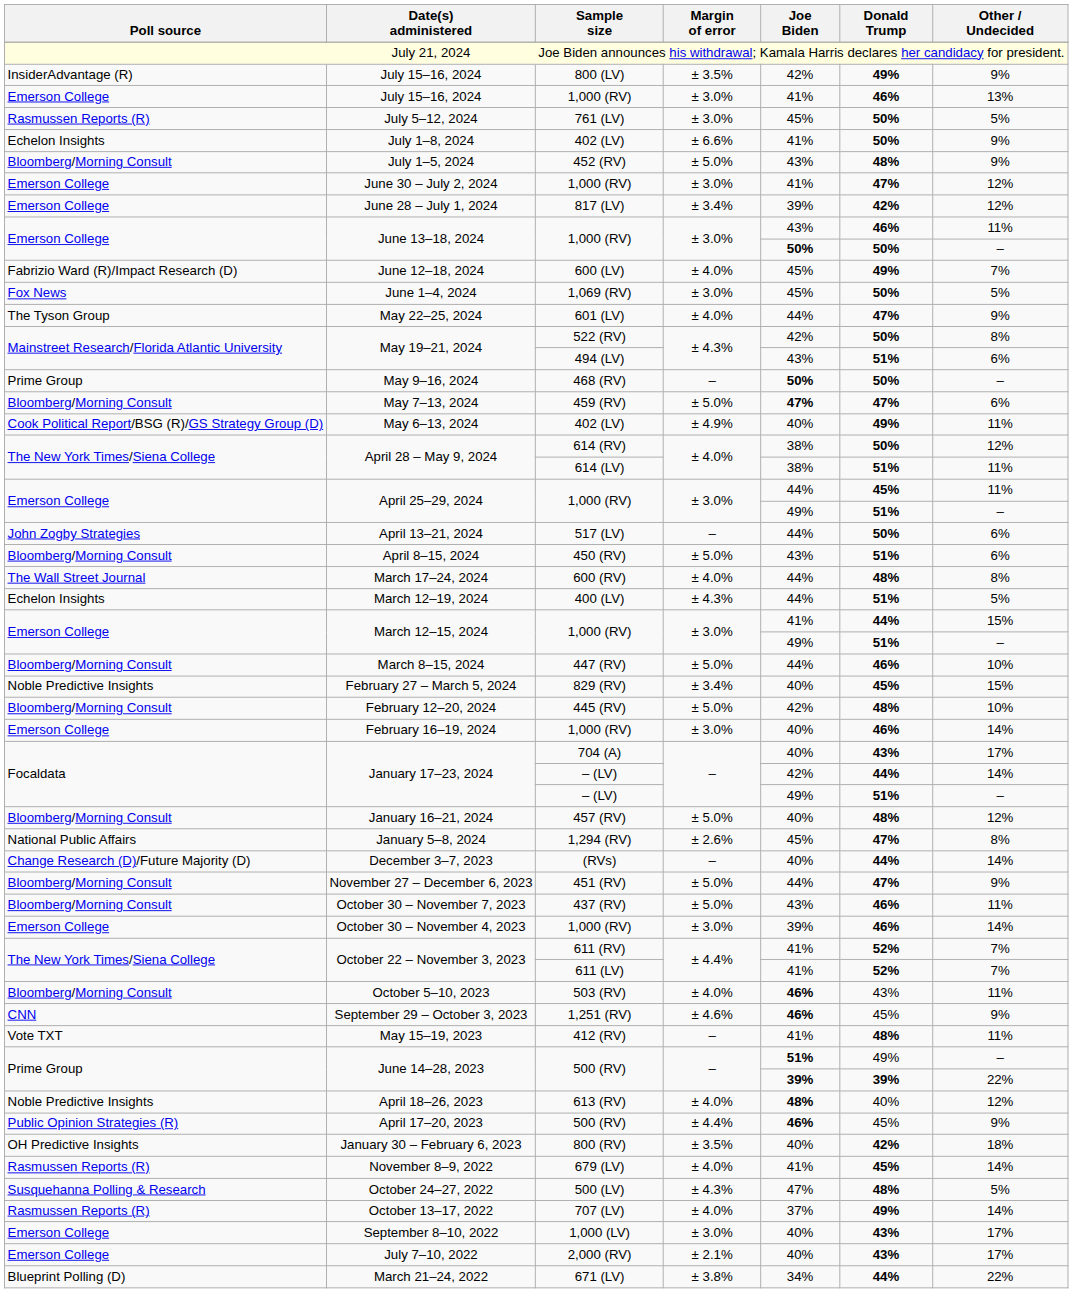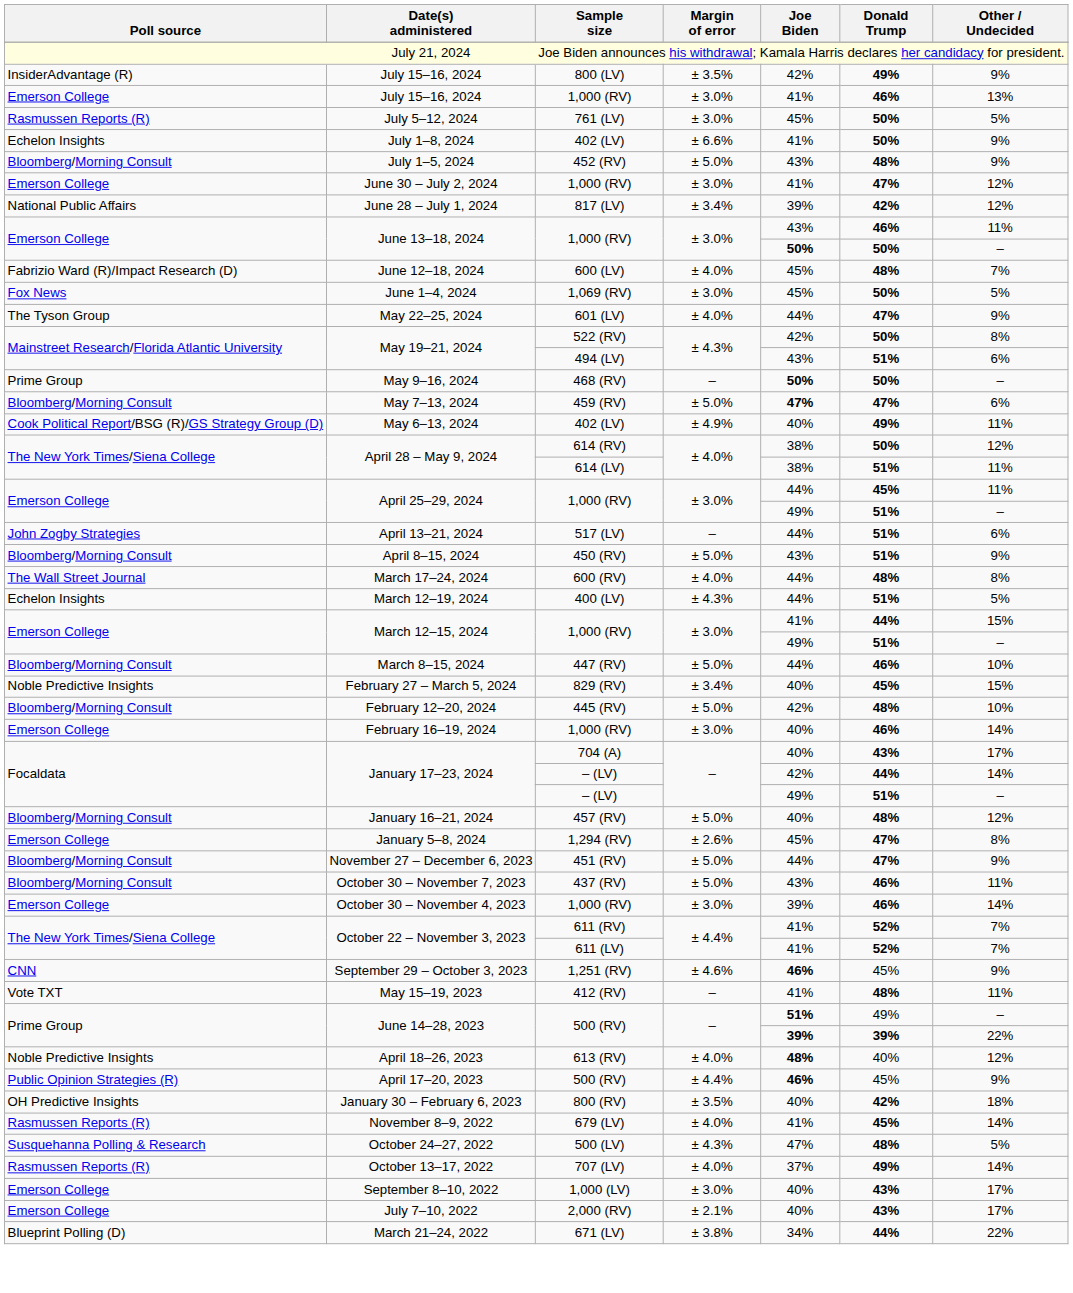 <table class="wikitable sortable mw-datatable" style="font-size:90%;text-align:center;line-height:17px">
 <tr valign=bottom>
 <th>Poll source</th>
 <th>Date(s)<br>administered</th>
 <th>Sample<br>size</th>
 <th>Margin<br>of error</th>
 <th class="unsortable">Joe<br>Biden<br></th>
 <th class="unsortable">Donald<br>Trump<br></th>
 <th class="unsortable">Other /<br>Undecided</th>
 </tr>
 <tr>
 </tr>
 <tr style="background:lightyellow;">
 <td style="border-right-style:hidden; background:lightyellow;"></td>
 <td style="border-right-style:hidden; " data-sort-value="2024-07-21">July 21, 2024</td>
 <td colspan="5">Joe Biden announces <a href='#'>his withdrawal</a>; Kamala Harris declares <a href='#'>her candidacy</a> for president.</td>
 </tr>
 <tr>
 <td style="text-align:left;">InsiderAdvantage (R)</td>
 <td data-sort-value="2024-07-18">July 15–16, 2024</td>
 <td>800 (LV)</td>
 <td>± 3.5%</td>
 <td>42%</td>
 <td style="background-color:"><strong>49%</strong></td>
 <td>9%</td>
 </tr>
 <tr>
 <td style="text-align:left;"><a href='#'>Emerson College</a></td>
 <td data-sort-value="2024-07-18">July 15–16, 2024</td>
 <td>1,000 (RV)</td>
 <td>± 3.0%</td>
 <td>41%</td>
 <td style="background-color:"><strong>46%</strong></td>
 <td>13%</td>
 </tr>
 <tr>
 <td style="text-align:left;"><a href='#'>Rasmussen Reports (R)</a></td>
 <td data-sort-value="2024-07-19">July 5–12, 2024</td>
 <td>761 (LV)</td>
 <td>± 3.0%</td>
 <td>45%</td>
 <td style="background-color:"><strong>50%</strong></td>
 <td>5%</td>
 </tr>
 <tr>
 <td style="text-align:left;">Echelon Insights</td>
 <td data-sort-value="2024-07-08">July 1–8, 2024</td>
 <td>402 (LV)</td>
 <td>± 6.6%</td>
 <td>41%</td>
 <td style="background-color:"><strong>50%</strong></td>
 <td>9%</td>
 </tr>
 <tr>
 <td style="text-align:left;"><a href='#'>Bloomberg</a>/<a href='#'>Morning Consult</a></td>
 <td data-sort-value="2024-07-06">July 1–5, 2024</td>
 <td>452 (RV)</td>
 <td>± 5.0%</td>
 <td>43%</td>
 <td style="background-color:"><strong>48%</strong></td>
 <td>9%</td>
 </tr>
 <tr>
 <td style="text-align:left;"><a href='#'>Emerson College</a></td>
 <td data-sort-value="2024-07-08">June 30 – July 2, 2024</td>
 <td>1,000 (RV)</td>
 <td>± 3.0%</td>
 <td>41%</td>
 <td style="background-color:"><strong>47%</strong></td>
 <td>12%</td>
 </tr>
 <tr>
-<td style="text-align:left;"><a href='#'>Emerson College</a></td>
+<td style="text-align:left;">National Public Affairs</td>
 <td data-sort-value="2024-07-03">June 28 – July 1, 2024</td>
 <td>817 (LV)</td>
 <td>± 3.4%</td>
 <td>39%</td>
 <td style="background-color:"><strong>42%</strong></td>
 <td>12%</td>
 </tr>
 <tr>
 <td style="text-align:left;" rowspan="2"><a href='#'>Emerson College</a></td>
 <td rowspan="2">June 13–18, 2024</td>
 <td rowspan="2">1,000 (RV)</td>
 <td rowspan="2">± 3.0%</td>
 <td>43%</td>
 <td style="background-color:"><strong>46%</strong></td>
 <td>11%</td>
 </tr>
 <tr>
 <td><strong>50%</strong></td>
 <td><strong>50%</strong></td>
 <td>–</td>
 </tr>
 <tr>
 <td style="text-align:left;">Fabrizio Ward (R)/Impact Research (D)</td>
 <td data-sort-value="2024-06-25">June 12–18, 2024</td>
 <td>600 (LV)</td>
 <td>± 4.0%</td>
 <td>45%</td>
-<td style="background-color:"><strong>49%</strong></td>
+<td style="background-color:"><strong>48%</strong></td>
 <td>7%</td>
 </tr>
 <tr>
 <td style="text-align:left;"><a href='#'>Fox News</a></td>
 <td data-sort-value="2024-06-06">June 1–4, 2024</td>
 <td>1,069 (RV)</td>
 <td>± 3.0%</td>
 <td>45%</td>
 <td style="background-color:"><strong>50%</strong></td>
 <td>5%</td>
 </tr>
 <tr>
 <td style="text-align:left;">The Tyson Group</td>
 <td data-sort-value="2024-05-28">May 22–25, 2024</td>
 <td>601 (LV)</td>
 <td>± 4.0%</td>
 <td>44%</td>
 <td style="background-color:"><strong>47%</strong></td>
 <td>9%</td>
 </tr>
 <tr>
 <td style="text-align:left;" rowspan="2"><a href='#'>Mainstreet Research</a>/<a href='#'>Florida Atlantic University</a></td>
 <td rowspan="2">May 19–21, 2024</td>
 <td>522 (RV)</td>
 <td rowspan="2">± 4.3%</td>
 <td>42%</td>
 <td style="background-color:"><strong>50%</strong></td>
 <td>8%</td>
 </tr>
 <tr>
 <td>494 (LV)</td>
 <td>43%</td>
 <td style="background-color:"><strong>51%</strong></td>
 <td>6%</td>
 </tr>
 <tr>
 <td style="text-align:left;">Prime Group</td>
 <td data-sort-value="2024-05-22">May 9–16, 2024</td>
 <td>468 (RV)</td>
 <td>–</td>
 <td><strong>50%</strong></td>
 <td><strong>50%</strong></td>
 <td>–</td>
 </tr>
 <tr>
 <td style="text-align:left;"><a href='#'>Bloomberg</a>/<a href='#'>Morning Consult</a></td>
 <td data-sort-value="2024-05-22">May 7–13, 2024</td>
 <td>459 (RV)</td>
 <td>± 5.0%</td>
 <td><strong>47%</strong></td>
 <td><strong>47%</strong></td>
 <td>6%</td>
 </tr>
 <tr>
 <td style="text-align:left;"><a href='#'>Cook Political Report</a>/BSG (R)/<a href='#'>GS Strategy Group (D)</a></td>
 <td data-sort-value="2024-05-23">May 6–13, 2024</td>
 <td>402 (LV)</td>
 <td>± 4.9%</td>
 <td>40%</td>
 <td style="background-color:"><strong>49%</strong></td>
 <td>11%</td>
 </tr>
 <tr>
 <td style="text-align:left;" rowspan="2"><a href='#'>The New York Times</a>/<a href='#'>Siena College</a></td>
 <td rowspan="2">April 28 – May 9, 2024</td>
 <td>614 (RV)</td>
 <td rowspan="2">± 4.0%</td>
 <td>38%</td>
 <td style="background-color:"><strong>50%</strong></td>
 <td>12%</td>
 </tr>
 <tr>
 <td>614 (LV)</td>
 <td>38%</td>
 <td style="background-color:"><strong>51%</strong></td>
 <td>11%</td>
 </tr>
 <tr>
 <td style="text-align:left;" rowspan="2"><a href='#'>Emerson College</a></td>
 <td rowspan="2">April 25–29, 2024</td>
 <td rowspan="2">1,000 (RV)</td>
 <td rowspan="2">± 3.0%</td>
 <td>44%</td>
 <td style="background-color:"><strong>45%</strong></td>
 <td>11%</td>
 </tr>
 <tr>
 <td>49%</td>
 <td style="background-color:"><strong>51%</strong></td>
 <td>–</td>
 </tr>
 <tr>
 <td style="text-align:left;"><a href='#'>John Zogby Strategies</a></td>
 <td data-sort-value="2024-05-01">April 13–21, 2024</td>
 <td>517 (LV)</td>
 <td>–</td>
 <td>44%</td>
-<td style="background-color:"><strong>50%</strong></td>
+<td style="background-color:"><strong>51%</strong></td>
 <td>6%</td>
 </tr>
 <tr>
 <td style="text-align:left;"><a href='#'>Bloomberg</a>/<a href='#'>Morning Consult</a></td>
 <td data-sort-value="2024-04-24">April 8–15, 2024</td>
 <td>450 (RV)</td>
 <td>± 5.0%</td>
 <td>43%</td>
 <td style="background-color:"><strong>51%</strong></td>
-<td>6%</td>
+<td>9%</td>
 </tr>
 <tr>
 <td style="text-align:left;"><a href='#'>The Wall Street Journal</a></td>
 <td data-sort-value="2024-04-02">March 17–24, 2024</td>
 <td>600 (RV)</td>
 <td>± 4.0%</td>
 <td>44%</td>
 <td style="background-color:"><strong>48%</strong></td>
 <td>8%</td>
 </tr>
 <tr>
 <td style="text-align:left;">Echelon Insights</td>
 <td data-sort-value="2024-04-15">March 12–19, 2024</td>
 <td>400 (LV)</td>
 <td>± 4.3%</td>
 <td>44%</td>
 <td style="background-color:"><strong>51%</strong></td>
 <td>5%</td>
 </tr>
 <tr>
 <td style="text-align:left;" rowspan="2"><a href='#'>Emerson College</a></td>
 <td rowspan="2">March 12–15, 2024</td>
 <td rowspan="2">1,000 (RV)</td>
 <td rowspan="2">± 3.0%</td>
 <td>41%</td>
 <td style="background-color:"><strong>44%</strong></td>
 <td>15%</td>
 </tr>
 <tr>
 <td>49%</td>
 <td style="background-color:"><strong>51%</strong></td>
 <td>–</td>
 </tr>
 <tr>
 <td style="text-align:left;"><a href='#'>Bloomberg</a>/<a href='#'>Morning Consult</a></td>
 <td data-sort-value="2024-03-26">March 8–15, 2024</td>
 <td>447 (RV)</td>
 <td>± 5.0%</td>
 <td>44%</td>
 <td style="background-color:"><strong>46%</strong></td>
 <td>10%</td>
 </tr>
 <tr>
 <td style="text-align:left;">Noble Predictive Insights</td>
 <td data-sort-value="2024-03-14">February 27 – March 5, 2024</td>
 <td>829 (RV)</td>
 <td>± 3.4%</td>
 <td>40%</td>
 <td style="background-color:"><strong>45%</strong></td>
 <td>15%</td>
 </tr>
 <tr>
 <td style="text-align:left;"><a href='#'>Bloomberg</a>/<a href='#'>Morning Consult</a></td>
 <td data-sort-value="2024-02-29">February 12–20, 2024</td>
 <td>445 (RV)</td>
 <td>± 5.0%</td>
 <td>42%</td>
 <td style="background-color:"><strong>48%</strong></td>
 <td>10%</td>
 </tr>
 <tr>
 <td style="text-align:left;"><a href='#'>Emerson College</a></td>
 <td data-sort-value="2024-02-22">February 16–19, 2024</td>
 <td>1,000 (RV)</td>
 <td>± 3.0%</td>
 <td>40%</td>
 <td style="background-color:"><strong>46%</strong></td>
 <td>14%</td>
 </tr>
 <tr>
 <td style="text-align:left;" rowspan="3">Focaldata</td>
 <td rowspan="3">January 17–23, 2024</td>
 <td>704 (A)</td>
 <td rowspan="3">–</td>
 <td>40%</td>
 <td style="background-color:"><strong>43%</strong></td>
 <td>17%</td>
 </tr>
 <tr>
 <td>– (LV)</td>
 <td>42%</td>
 <td style="background-color:"><strong>44%</strong></td>
 <td>14%</td>
 </tr>
 <tr>
 <td>– (LV)</td>
 <td>49%</td>
 <td style="background-color:"><strong>51%</strong></td>
 <td>–</td>
 </tr>
 <tr>
 <td style="text-align:left;"><a href='#'>Bloomberg</a>/<a href='#'>Morning Consult</a></td>
 <td data-sort-value="2024-01-31">January 16–21, 2024</td>
 <td>457 (RV)</td>
 <td>± 5.0%</td>
 <td>40%</td>
 <td style="background-color:"><strong>48%</strong></td>
 <td>12%</td>
 </tr>
 <tr>
-<td style="text-align:left;">National Public Affairs</td>
+<td style="text-align:left;"><a href='#'>Emerson College</a></td>
 <td data-sort-value="2024-01-09">January 5–8, 2024</td>
 <td>1,294 (RV)</td>
 <td>± 2.6%</td>
 <td>45%</td>
 <td style="background-color:"><strong>47%</strong></td>
 <td>8%</td>
-</tr>
-<tr>
-<td style="text-align:left;"><a href='#'>Change Research (D)</a>/Future Majority (D)</td>
-<td data-sort-value="2024-01-08">December 3–7, 2023</td>
-<td>(RVs)</td>
-<td>–</td>
-<td>40%</td>
-<td style="background-color:"><strong>44%</strong></td>
-<td>14%</td>
 </tr>
 <tr>
 <td style="text-align:left;"><a href='#'>Bloomberg</a>/<a href='#'>Morning Consult</a></td>
 <td data-sort-value="2023-12-14">November 27 – December 6, 2023</td>
 <td>451 (RV)</td>
 <td>± 5.0%</td>
 <td>44%</td>
 <td style="background-color:"><strong>47%</strong></td>
 <td>9%</td>
 </tr>
 <tr>
 <td style="text-align:left;"><a href='#'>Bloomberg</a>/<a href='#'>Morning Consult</a></td>
 <td data-sort-value="2023-11-09">October 30 – November 7, 2023</td>
 <td>437 (RV)</td>
 <td>± 5.0%</td>
 <td>43%</td>
 <td style="background-color:"><strong>46%</strong></td>
 <td>11%</td>
 </tr>
 <tr>
 <td style="text-align:left;"><a href='#'>Emerson College</a></td>
 <td data-sort-value="2023-11-09">October 30 – November 4, 2023</td>
 <td>1,000 (RV)</td>
 <td>± 3.0%</td>
 <td>39%</td>
 <td style="background-color:"><strong>46%</strong></td>
 <td>14%</td>
 </tr>
 <tr>
 <td style="text-align:left;" rowspan="2"><a href='#'>The New York Times</a>/<a href='#'>Siena College</a></td>
 <td rowspan="2">October 22 – November 3, 2023</td>
 <td>611 (RV)</td>
 <td rowspan="2">± 4.4%</td>
 <td>41%</td>
 <td style="background-color:"><strong>52%</strong></td>
 <td>7%</td>
 </tr>
 <tr>
 <td>611 (LV)</td>
 <td>41%</td>
 <td style="background-color:"><strong>52%</strong></td>
 <td>7%</td>
-</tr>
-<tr>
-<td style="text-align:left;"><a href='#'>Bloomberg</a>/<a href='#'>Morning Consult</a></td>
-<td data-sort-value="2023-04-26">October 5–10, 2023</td>
-<td>503 (RV)</td>
-<td>± 4.0%</td>
-<td style="color:black;background-color:"><strong>46%</strong></td>
-<td>43%</td>
-<td>11%</td>
 </tr>
 <tr>
 <td style="text-align:left;"><a href='#'>CNN</a></td>
 <td data-sort-value="2023-04-26">September 29 – October 3, 2023</td>
 <td>1,251 (RV)</td>
 <td>± 4.6%</td>
 <td style="color:black;background-color:"><strong>46%</strong></td>
 <td>45%</td>
 <td>9%</td>
 </tr>
 <tr>
 <td style="text-align:left;">Vote TXT</td>
 <td>May 15–19, 2023</td>
 <td>412 (RV)</td>
 <td>–</td>
 <td>41%</td>
 <td style="background-color:"><strong>48%</strong></td>
 <td>11%</td>
 </tr>
 <tr>
 <td style="text-align:left;" rowspan="2">Prime Group</td>
 <td rowspan="2">June 14–28, 2023</td>
 <td rowspan="2">500 (RV)</td>
 <td rowspan="2">–</td>
 <td style="color:black;background-color:"><strong>51%</strong></td>
 <td>49%</td>
 <td>–</td>
 </tr>
 <tr>
 <td><strong>39%</strong></td>
 <td><strong>39%</strong></td>
 <td>22%</td>
 </tr>
 <tr>
 <td style="text-align:left;">Noble Predictive Insights</td>
 <td data-sort-value="2023-04-26">April 18–26, 2023</td>
 <td>613 (RV)</td>
 <td>± 4.0%</td>
 <td style="color:black;background-color:"><strong>48%</strong></td>
 <td>40%</td>
 <td>12%</td>
 </tr>
 <tr>
 <td style="text-align:left;"><a href='#'>Public Opinion Strategies (R)</a></td>
 <td data-sort-value="2023-04-20">April 17–20, 2023</td>
 <td>500 (RV)</td>
 <td>± 4.4%</td>
 <td style="color:black;background-color:"><strong>46%</strong></td>
 <td>45%</td>
 <td>9%</td>
 </tr>
 <tr>
 <td style="text-align:left;">OH Predictive Insights</td>
 <td data-sort-value="2023-02-06">January 30 – February 6, 2023</td>
 <td>800 (RV)</td>
 <td>± 3.5%</td>
 <td>40%</td>
 <td style="background-color:"><strong>42%</strong></td>
 <td>18%</td>
 </tr>
 <tr>
 <td style="text-align:left;"><a href='#'>Rasmussen Reports (R)</a></td>
 <td data-sort-value="2022-11-09">November 8–9, 2022</td>
 <td>679 (LV)</td>
 <td>± 4.0%</td>
 <td>41%</td>
 <td style="background-color:"><strong>45%</strong></td>
 <td>14%</td>
 </tr>
 <tr>
 <td style="text-align:left;"><a href='#'>Susquehanna Polling & Research</a></td>
 <td data-sort-value="2022-10-27">October 24–27, 2022</td>
 <td>500 (LV)</td>
 <td>± 4.3%</td>
 <td>47%</td>
 <td style="background-color:"><strong>48%</strong></td>
 <td>5%</td>
 </tr>
 <tr>
 <td style="text-align:left;"><a href='#'>Rasmussen Reports (R)</a></td>
 <td data-sort-value="2022-10-17">October 13–17, 2022</td>
 <td>707 (LV)</td>
 <td>± 4.0%</td>
 <td>37%</td>
 <td style="background-color:"><strong>49%</strong></td>
 <td>14%</td>
 </tr>
 <tr>
 <td style="text-align:left;"><a href='#'>Emerson College</a></td>
 <td data-sort-value="2022-09-10">September 8–10, 2022</td>
 <td>1,000 (LV)</td>
 <td>± 3.0%</td>
 <td>40%</td>
 <td style="background-color:"><strong>43%</strong></td>
 <td>17%</td>
 </tr>
 <tr>
 <td style="text-align:left;"><a href='#'>Emerson College</a></td>
 <td data-sort-value="2022-07-10">July 7–10, 2022</td>
 <td>2,000 (RV)</td>
 <td>± 2.1%</td>
 <td>40%</td>
 <td style="background-color:"><strong>43%</strong></td>
 <td>17%</td>
 </tr>
 <tr>
 <td style="text-align:left;">Blueprint Polling (D)</td>
 <td data-sort-value="2022-03-24">March 21–24, 2022</td>
 <td>671 (LV)</td>
 <td>± 3.8%</td>
 <td>34%</td>
 <td style="background-color:"><strong>44%</strong></td>
 <td>22%</td>
 </tr>
 </table>
